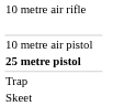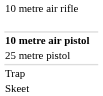 <table>
 <tr>
 <td>10 metre air rifle <br></td>
 <td></td>
 <td></td>
 <td></td>
 </tr>
 <tr>
 <td><br></td>
 <td></td>
 <td></td>
 <td></td>
 </tr>
 <tr bgcolor=#DDDDDD>
 <td colspan=7></td>
 </tr>
 <tr>
-<td>10 metre air pistol <br></td>
+<td><strong>10 metre air pistol <br></strong></td>
 <td></td>
 <td></td>
 <td></td>
 </tr>
 <tr>
-<td><strong>25 metre pistol <br></strong></td>
+<td>25 metre pistol <br></td>
 <td></td>
 <td></td>
 <td></td>
 </tr>
 <tr bgcolor=#DDDDDD>
 <td colspan=7></td>
 </tr>
 <tr>
 <td>Trap <br></td>
 <td></td>
 <td></td>
 <td></td>
 </tr>
 <tr>
 <td>Skeet <br></td>
 <td></td>
 <td></td>
 <td></td>
 </tr>
 </table>
